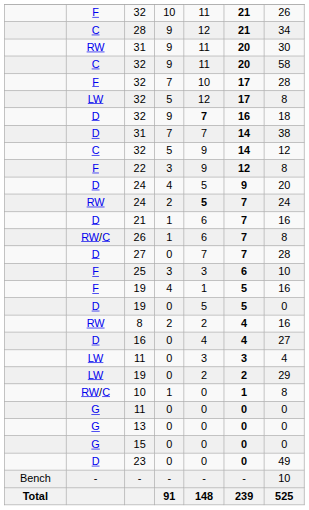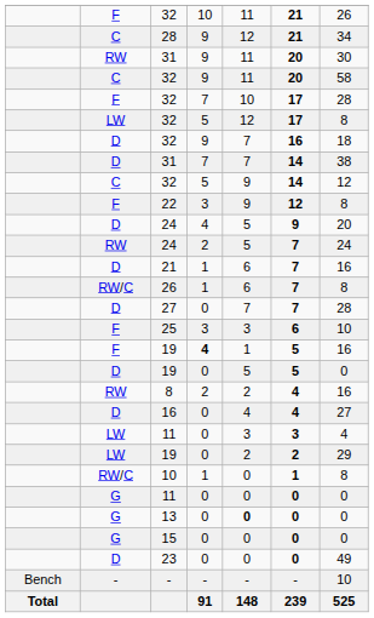 <table class="wikitable sortable" width ="50%">
 <tr align="center">
 </tr>
 <tr align="center" bgcolor="">
 <td></td>
 <td><a href='#'>F</a></td>
 <td>32</td>
 <td>10</td>
 <td>11</td>
 <td><strong>21</strong></td>
 <td>26</td>
 </tr>
 <tr align="center" bgcolor="f0f0f0">
 <td></td>
 <td><a href='#'>C</a></td>
 <td>28</td>
 <td>9</td>
 <td>12</td>
 <td><strong>21</strong></td>
 <td>34</td>
 </tr>
 <tr align="center" bgcolor="">
 <td></td>
 <td><a href='#'>RW</a></td>
 <td>31</td>
 <td>9</td>
 <td>11</td>
 <td><strong>20</strong></td>
 <td>30</td>
 </tr>
 <tr align="center" bgcolor="f0f0f0">
 <td></td>
 <td><a href='#'>C</a></td>
 <td>32</td>
 <td>9</td>
 <td>11</td>
 <td><strong>20</strong></td>
 <td>58</td>
 </tr>
 <tr align="center" bgcolor="">
 <td></td>
 <td><a href='#'>F</a></td>
 <td>32</td>
 <td>7</td>
 <td>10</td>
 <td><strong>17</strong></td>
 <td>28</td>
 </tr>
 <tr align="center" bgcolor="f0f0f0">
 <td></td>
 <td><a href='#'>LW</a></td>
 <td>32</td>
 <td>5</td>
 <td>12</td>
 <td><strong>17</strong></td>
 <td>8</td>
 </tr>
 <tr align="center" bgcolor="">
 <td></td>
 <td><a href='#'>D</a></td>
 <td>32</td>
 <td>9</td>
-<td><strong>7</strong></td>
+<td>7</td>
 <td><strong>16</strong></td>
 <td>18</td>
 </tr>
 <tr align="center" bgcolor="f0f0f0">
 <td></td>
 <td><a href='#'>D</a></td>
 <td>31</td>
 <td>7</td>
 <td>7</td>
 <td><strong>14</strong></td>
 <td>38</td>
 </tr>
 <tr align="center" bgcolor="">
 <td></td>
 <td><a href='#'>C</a></td>
 <td>32</td>
 <td>5</td>
 <td>9</td>
 <td><strong>14</strong></td>
 <td>12</td>
 </tr>
 <tr align="center" bgcolor="f0f0f0">
 <td></td>
 <td><a href='#'>F</a></td>
 <td>22</td>
 <td>3</td>
 <td>9</td>
 <td><strong>12</strong></td>
 <td>8</td>
 </tr>
 <tr align="center" bgcolor="">
 <td></td>
 <td><a href='#'>D</a></td>
 <td>24</td>
 <td>4</td>
 <td>5</td>
 <td><strong>9</strong></td>
 <td>20</td>
 </tr>
 <tr align="center" bgcolor="f0f0f0">
 <td></td>
 <td><a href='#'>RW</a></td>
 <td>24</td>
 <td>2</td>
-<td><strong>5</strong></td>
+<td>5</td>
 <td><strong>7</strong></td>
 <td>24</td>
 </tr>
 <tr align="center" bgcolor="">
 <td></td>
 <td><a href='#'>D</a></td>
 <td>21</td>
 <td>1</td>
 <td>6</td>
 <td><strong>7</strong></td>
 <td>16</td>
 </tr>
 <tr align="center" bgcolor="f0f0f0">
 <td></td>
 <td><a href='#'>RW</a>/<a href='#'>C</a></td>
 <td>26</td>
 <td>1</td>
 <td>6</td>
 <td><strong>7</strong></td>
 <td>8</td>
 </tr>
 <tr align="center" bgcolor="">
 <td></td>
 <td><a href='#'>D</a></td>
 <td>27</td>
 <td>0</td>
 <td>7</td>
 <td><strong>7</strong></td>
 <td>28</td>
 </tr>
 <tr align="center" bgcolor="f0f0f0">
 <td></td>
 <td><a href='#'>F</a></td>
 <td>25</td>
 <td>3</td>
 <td>3</td>
 <td><strong>6</strong></td>
 <td>10</td>
 </tr>
 <tr align="center" bgcolor="">
 <td></td>
 <td><a href='#'>F</a></td>
 <td>19</td>
-<td>4</td>
+<td><strong>4</strong></td>
 <td>1</td>
 <td><strong>5</strong></td>
 <td>16</td>
 </tr>
 <tr align="center" bgcolor="f0f0f0">
 <td></td>
 <td><a href='#'>D</a></td>
 <td>19</td>
 <td>0</td>
 <td>5</td>
 <td><strong>5</strong></td>
 <td>0</td>
 </tr>
 <tr align="center" bgcolor="">
 <td></td>
 <td><a href='#'>RW</a></td>
 <td>8</td>
 <td>2</td>
 <td>2</td>
 <td><strong>4</strong></td>
 <td>16</td>
 </tr>
 <tr align="center" bgcolor="f0f0f0">
 <td></td>
 <td><a href='#'>D</a></td>
 <td>16</td>
 <td>0</td>
 <td>4</td>
 <td><strong>4</strong></td>
 <td>27</td>
 </tr>
 <tr align="center" bgcolor="">
 <td></td>
 <td><a href='#'>LW</a></td>
 <td>11</td>
 <td>0</td>
 <td>3</td>
 <td><strong>3</strong></td>
 <td>4</td>
 </tr>
 <tr align="center" bgcolor="f0f0f0">
 <td></td>
 <td><a href='#'>LW</a></td>
 <td>19</td>
 <td>0</td>
 <td>2</td>
 <td><strong>2</strong></td>
 <td>29</td>
 </tr>
 <tr align="center" bgcolor="">
 <td></td>
 <td><a href='#'>RW</a>/<a href='#'>C</a></td>
 <td>10</td>
 <td>1</td>
 <td>0</td>
 <td><strong>1</strong></td>
 <td>8</td>
 </tr>
 <tr align="center" bgcolor="f0f0f0">
 <td></td>
 <td><a href='#'>G</a></td>
 <td>11</td>
 <td>0</td>
 <td>0</td>
 <td><strong>0</strong></td>
 <td>0</td>
 </tr>
 <tr align="center" bgcolor="">
 <td></td>
 <td><a href='#'>G</a></td>
 <td>13</td>
 <td>0</td>
-<td>0</td>
+<td><strong>0</strong></td>
 <td><strong>0</strong></td>
 <td>0</td>
 </tr>
 <tr align="center" bgcolor="f0f0f0">
 <td></td>
 <td><a href='#'>G</a></td>
 <td>15</td>
 <td>0</td>
 <td>0</td>
 <td><strong>0</strong></td>
 <td>0</td>
 </tr>
 <tr align="center" bgcolor="">
 <td></td>
 <td><a href='#'>D</a></td>
 <td>23</td>
 <td>0</td>
 <td>0</td>
 <td><strong>0</strong></td>
 <td>49</td>
 </tr>
 <tr align="center" bgcolor="f0f0f0">
 <td>Bench</td>
 <td>-</td>
 <td>-</td>
 <td>-</td>
 <td>-</td>
 <td>-</td>
 <td>10</td>
 </tr>
 <tr>
 <th>Total</th>
 <th></th>
 <th></th>
 <th>91</th>
 <th>148</th>
 <th>239</th>
 <th>525</th>
 </tr>
 </table>
